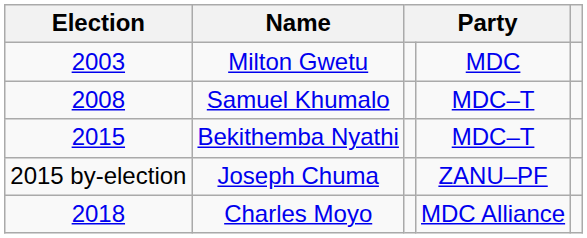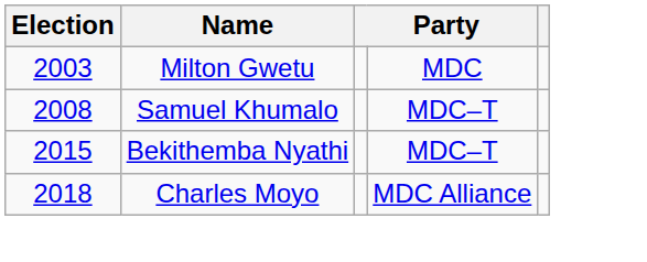 <table class="wikitable" style="text-align:center">
 <tr>
 <th>Election</th>
 <th>Name</th>
 <th colspan="2">Party</th>
 <th></th>
 </tr>
 <tr>
 <td><a href='#'>2003</a></td>
 <td><a href='#'>Milton Gwetu</a></td>
 <td style="background-color: "></td>
 <td><a href='#'>MDC</a></td>
 <td></td>
 </tr>
 <tr>
 <td><a href='#'>2008</a></td>
 <td><a href='#'>Samuel Khumalo</a></td>
 <td style="background-color: "></td>
 <td><a href='#'>MDC–T</a></td>
 <td></td>
 </tr>
 <tr>
 <td><a href='#'>2015</a></td>
 <td><a href='#'>Bekithemba Nyathi</a></td>
 <td style="background-color: "></td>
 <td><a href='#'>MDC–T</a></td>
 <td></td>
 </tr>
 <tr>
-<td>2015 by-election</td>
-<td><a href='#'>Joseph Chuma</a></td>
-<td style="background-color: "></td>
-<td><a href='#'>ZANU–PF</a></td>
-<td></td>
-</tr>
-<tr>
 <td><a href='#'>2018</a></td>
 <td><a href='#'>Charles Moyo</a></td>
 <td style="background-color: "></td>
 <td><a href='#'>MDC Alliance</a></td>
 <td></td>
 </tr>
 </table>
